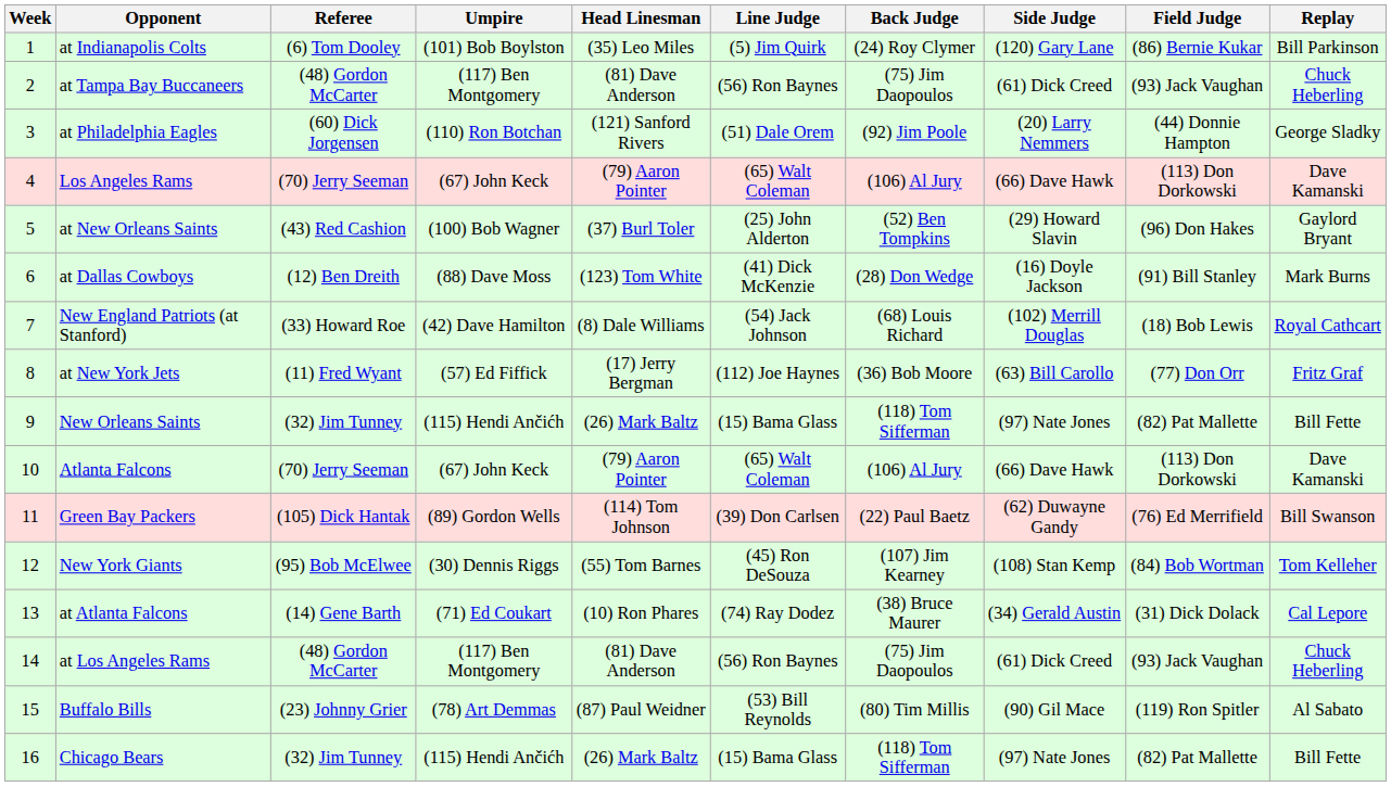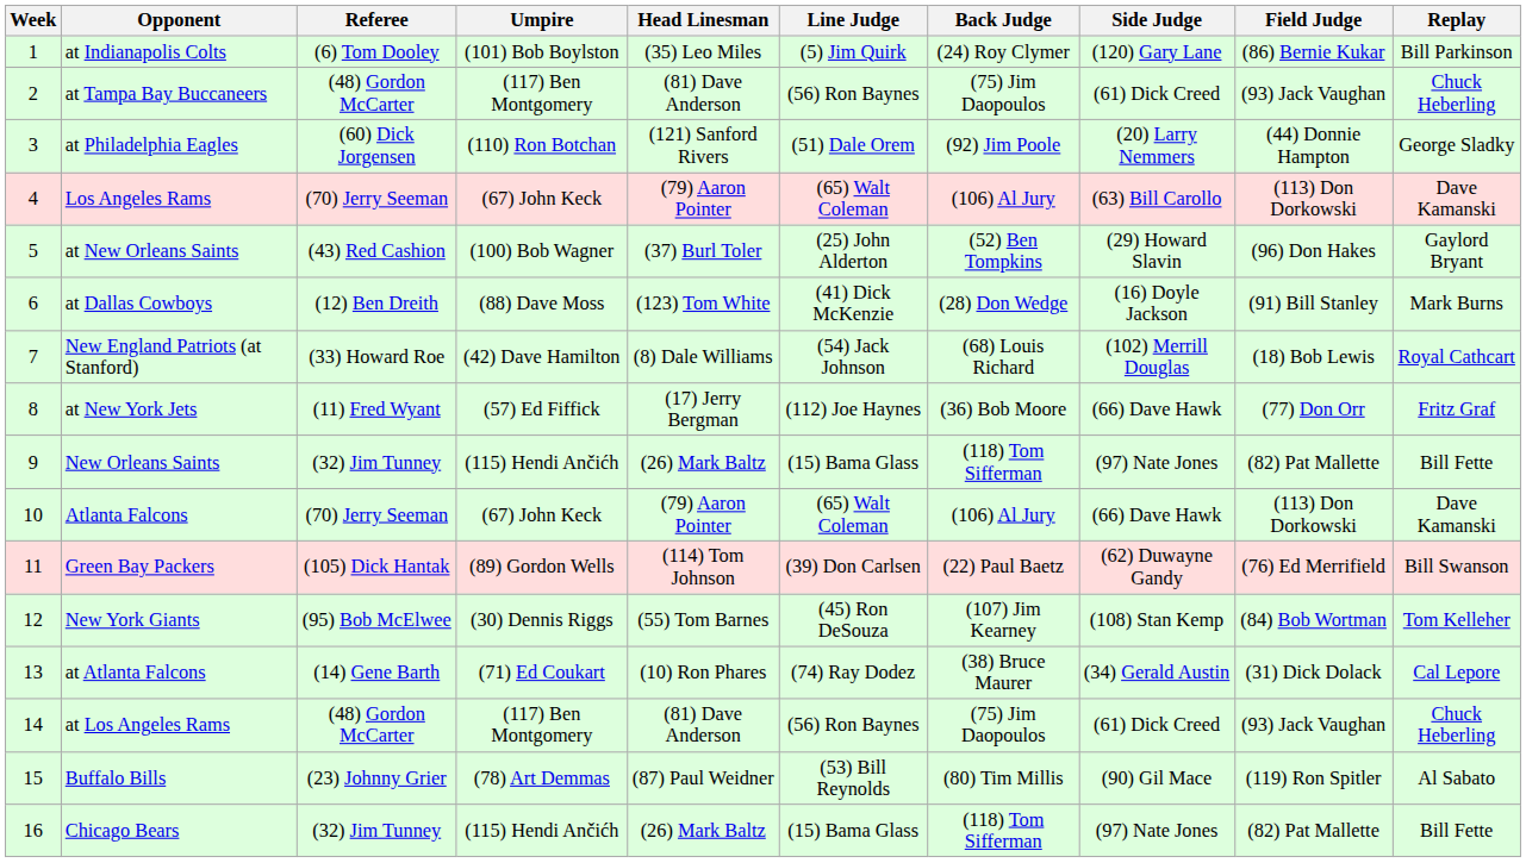 <table class="wikitable">
 <tr>
 <th>Week</th>
 <th>Opponent</th>
 <th>Referee</th>
 <th>Umpire</th>
 <th>Head Linesman</th>
 <th>Line Judge</th>
 <th>Back Judge</th>
 <th>Side Judge</th>
 <th>Field Judge</th>
 <th>Replay</th>
 </tr>
 <tr style="background: #ddffdd; text-align: center">
 <td>1</td>
 <td style="text-align: left;">at <a href='#'>Indianapolis Colts</a></td>
 <td>(6) <a href='#'>Tom Dooley</a></td>
 <td>(101) Bob Boylston</td>
 <td>(35) Leo Miles</td>
 <td>(5) <a href='#'>Jim Quirk</a></td>
 <td>(24) Roy Clymer</td>
 <td>(120) <a href='#'>Gary Lane</a></td>
 <td>(86) <a href='#'>Bernie Kukar</a></td>
 <td>Bill Parkinson</td>
 </tr>
 <tr style="background: #ddffdd; text-align: center">
 <td>2</td>
 <td style="text-align: left;">at <a href='#'>Tampa Bay Buccaneers</a></td>
 <td>(48) <a href='#'>Gordon McCarter</a></td>
 <td>(117) Ben Montgomery</td>
 <td>(81) Dave Anderson</td>
 <td>(56) Ron Baynes</td>
 <td>(75) Jim Daopoulos</td>
 <td>(61) Dick Creed</td>
 <td>(93) Jack Vaughan</td>
 <td><a href='#'>Chuck Heberling</a></td>
 </tr>
 <tr style="background: #ddffdd; text-align: center">
 <td>3</td>
 <td style="text-align: left;">at <a href='#'>Philadelphia Eagles</a></td>
 <td>(60) <a href='#'>Dick Jorgensen</a></td>
 <td>(110) <a href='#'>Ron Botchan</a></td>
 <td>(121) Sanford Rivers</td>
 <td>(51) <a href='#'>Dale Orem</a></td>
 <td>(92) <a href='#'>Jim Poole</a></td>
 <td>(20) <a href='#'>Larry Nemmers</a></td>
 <td>(44) Donnie Hampton</td>
 <td>George Sladky</td>
 </tr>
 <tr style="background: #ffdddd; text-align: center">
 <td>4</td>
 <td style="text-align: left;"><a href='#'>Los Angeles Rams</a></td>
 <td>(70) <a href='#'>Jerry Seeman</a></td>
 <td>(67) John Keck</td>
 <td>(79) <a href='#'>Aaron Pointer</a></td>
 <td>(65) <a href='#'>Walt Coleman</a></td>
 <td>(106) <a href='#'>Al Jury</a></td>
-<td>(66) Dave Hawk</td>
+<td>(63) <a href='#'>Bill Carollo</a></td>
 <td>(113) Don Dorkowski</td>
 <td>Dave Kamanski</td>
 </tr>
 <tr style="background: #ddffdd; text-align: center">
 <td>5</td>
 <td style="text-align: left;">at <a href='#'>New Orleans Saints</a></td>
 <td>(43) <a href='#'>Red Cashion</a></td>
 <td>(100) Bob Wagner</td>
 <td>(37) <a href='#'>Burl Toler</a></td>
 <td>(25) John Alderton</td>
 <td>(52) <a href='#'>Ben Tompkins</a></td>
 <td>(29) Howard Slavin</td>
 <td>(96) Don Hakes</td>
 <td>Gaylord Bryant</td>
 </tr>
 <tr style="background: #ddffdd; text-align: center">
 <td>6</td>
 <td style="text-align: left;">at <a href='#'>Dallas Cowboys</a></td>
 <td>(12) <a href='#'>Ben Dreith</a></td>
 <td>(88) Dave Moss</td>
 <td>(123) <a href='#'>Tom White</a></td>
 <td>(41) Dick McKenzie</td>
 <td>(28) <a href='#'>Don Wedge</a></td>
 <td>(16) Doyle Jackson</td>
 <td>(91) Bill Stanley</td>
 <td>Mark Burns</td>
 </tr>
 <tr style="background: #ddffdd; text-align: center">
 <td>7</td>
 <td style="text-align: left;"><a href='#'>New England Patriots</a> (at Stanford)</td>
 <td>(33) Howard Roe</td>
 <td>(42) Dave Hamilton</td>
 <td>(8) Dale Williams</td>
 <td>(54) Jack Johnson</td>
 <td>(68) Louis Richard</td>
 <td>(102) <a href='#'>Merrill Douglas</a></td>
 <td>(18) Bob Lewis</td>
 <td><a href='#'>Royal Cathcart</a></td>
 </tr>
 <tr style="background: #ddffdd; text-align: center">
 <td>8</td>
 <td style="text-align: left;">at <a href='#'>New York Jets</a></td>
 <td>(11) <a href='#'>Fred Wyant</a></td>
 <td>(57) Ed Fiffick</td>
 <td>(17) Jerry Bergman</td>
 <td>(112) Joe Haynes</td>
 <td>(36) Bob Moore</td>
-<td>(63) <a href='#'>Bill Carollo</a></td>
+<td>(66) Dave Hawk</td>
 <td>(77) <a href='#'>Don Orr</a></td>
 <td><a href='#'>Fritz Graf</a></td>
 </tr>
 <tr style="background: #ddffdd; text-align: center">
 <td>9</td>
 <td style="text-align: left;"><a href='#'>New Orleans Saints</a></td>
 <td>(32) <a href='#'>Jim Tunney</a></td>
 <td>(115) Hendi Ančićh</td>
 <td>(26) <a href='#'>Mark Baltz</a></td>
 <td>(15) Bama Glass</td>
 <td>(118) <a href='#'>Tom Sifferman</a></td>
 <td>(97) Nate Jones</td>
 <td>(82) Pat Mallette</td>
 <td>Bill Fette</td>
 </tr>
 <tr style="background: #ddffdd; text-align: center">
 <td>10</td>
 <td style="text-align: left;"><a href='#'>Atlanta Falcons</a></td>
 <td>(70) <a href='#'>Jerry Seeman</a></td>
 <td>(67) John Keck</td>
 <td>(79) <a href='#'>Aaron Pointer</a></td>
 <td>(65) <a href='#'>Walt Coleman</a></td>
 <td>(106) <a href='#'>Al Jury</a></td>
 <td>(66) Dave Hawk</td>
 <td>(113) Don Dorkowski</td>
 <td>Dave Kamanski</td>
 </tr>
 <tr style="background: #ffdddd; text-align: center">
 <td>11</td>
 <td style="text-align: left;"><a href='#'>Green Bay Packers</a></td>
 <td>(105) <a href='#'>Dick Hantak</a></td>
 <td>(89) Gordon Wells</td>
 <td>(114) Tom Johnson</td>
 <td>(39) Don Carlsen</td>
 <td>(22) Paul Baetz</td>
 <td>(62) Duwayne Gandy</td>
 <td>(76) Ed Merrifield</td>
 <td>Bill Swanson</td>
 </tr>
 <tr style="background: #ddffdd; text-align: center">
 <td>12</td>
 <td style="text-align: left;"><a href='#'>New York Giants</a></td>
 <td>(95) <a href='#'>Bob McElwee</a></td>
 <td>(30) Dennis Riggs</td>
 <td>(55) Tom Barnes</td>
 <td>(45) Ron DeSouza</td>
 <td>(107) Jim Kearney</td>
 <td>(108) Stan Kemp</td>
 <td>(84) <a href='#'>Bob Wortman</a></td>
 <td><a href='#'>Tom Kelleher</a></td>
 </tr>
 <tr style="background: #ddffdd; text-align: center">
 <td>13</td>
 <td style="text-align: left;">at <a href='#'>Atlanta Falcons</a></td>
 <td>(14) <a href='#'>Gene Barth</a></td>
 <td>(71) <a href='#'>Ed Coukart</a></td>
 <td>(10) Ron Phares</td>
 <td>(74) Ray Dodez</td>
 <td>(38) Bruce Maurer</td>
 <td>(34) <a href='#'>Gerald Austin</a></td>
 <td>(31) Dick Dolack</td>
 <td><a href='#'>Cal Lepore</a></td>
 </tr>
 <tr style="background: #ddffdd; text-align: center">
 <td>14</td>
 <td style="text-align: left;">at <a href='#'>Los Angeles Rams</a></td>
 <td>(48) <a href='#'>Gordon McCarter</a></td>
 <td>(117) Ben Montgomery</td>
 <td>(81) Dave Anderson</td>
 <td>(56) Ron Baynes</td>
 <td>(75) Jim Daopoulos</td>
 <td>(61) Dick Creed</td>
 <td>(93) Jack Vaughan</td>
 <td><a href='#'>Chuck Heberling</a></td>
 </tr>
 <tr style="background: #ddffdd; text-align: center">
 <td>15</td>
 <td style="text-align: left;"><a href='#'>Buffalo Bills</a></td>
 <td>(23) <a href='#'>Johnny Grier</a></td>
 <td>(78) <a href='#'>Art Demmas</a></td>
 <td>(87) Paul Weidner</td>
 <td>(53) Bill Reynolds</td>
 <td>(80) Tim Millis</td>
 <td>(90) Gil Mace</td>
 <td>(119) Ron Spitler</td>
 <td>Al Sabato</td>
 </tr>
 <tr style="background: #ddffdd; text-align: center">
 <td>16</td>
 <td style="text-align: left;"><a href='#'>Chicago Bears</a></td>
 <td>(32) <a href='#'>Jim Tunney</a></td>
 <td>(115) Hendi Ančićh</td>
 <td>(26) <a href='#'>Mark Baltz</a></td>
 <td>(15) Bama Glass</td>
 <td>(118) <a href='#'>Tom Sifferman</a></td>
 <td>(97) Nate Jones</td>
 <td>(82) Pat Mallette</td>
 <td>Bill Fette</td>
 </tr>
 </table>
